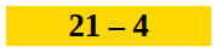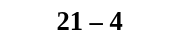 <table style="text-align:center">
 <tr>
 <th width=200></th>
 <th width=100></th>
 <th width=200></th>
 </tr>
 <tr>
 <td align=right></td>
-<td style="background: gold;"><strong>21 – 4</strong></td>
+<td><strong>21 – 4</strong></td>
 <td align=left></td>
 </tr>
 </table>
